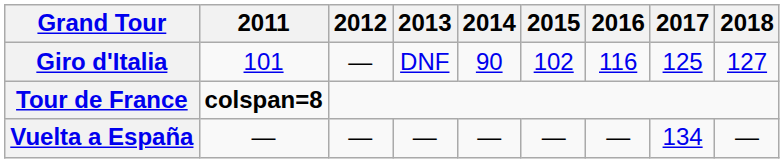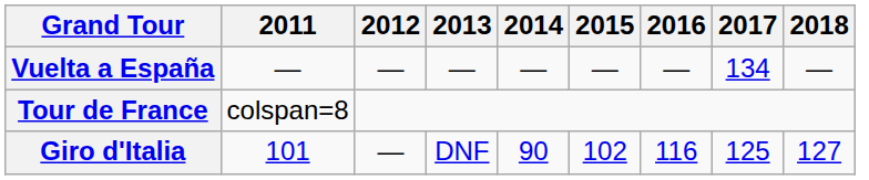 <table class="wikitable plainrowheaders">
 <tr>
 <th scope="col"><a href='#'>Grand Tour</a></th>
 <th scope="col">2011</th>
 <th scope="col">2012</th>
 <th scope="col">2013</th>
 <th scope="col">2014</th>
 <th scope="col">2015</th>
 <th scope="col">2016</th>
 <th scope="col">2017</th>
 <th scope="col">2018</th>
 </tr>
 <tr style="text-align:center;">
+<th scope="row"> <a href='#'>Vuelta a España</a></th>
+<td>—</td>
+<td>—</td>
+<td>—</td>
+<td>—</td>
+<td>—</td>
+<td>—</td>
+<td><a href='#'>134</a></td>
+<td>—</td>
+</tr>
+<tr style="text-align:center;">
+<th scope="row"> <a href='#'>Tour de France</a></th>
+<td>colspan=8 </td>
+</tr>
+<tr style="text-align:center;">
 <th scope="row"> <a href='#'>Giro d'Italia</a></th>
 <td><a href='#'>101</a></td>
 <td>—</td>
 <td><a href='#'>DNF</a></td>
 <td><a href='#'>90</a></td>
 <td><a href='#'>102</a></td>
 <td><a href='#'>116</a></td>
 <td><a href='#'>125</a></td>
 <td><a href='#'>127</a></td>
 </tr>
-<tr style="text-align:center;">
-<th scope="row"> <a href='#'>Tour de France</a></th>
-<td><strong>colspan=8 </strong></td>
-</tr>
-<tr style="text-align:center;">
-<th scope="row"> <a href='#'>Vuelta a España</a></th>
-<td>—</td>
-<td>—</td>
-<td>—</td>
-<td>—</td>
-<td>—</td>
-<td>—</td>
-<td><a href='#'>134</a></td>
-<td>—</td>
-</tr>
 </table>
